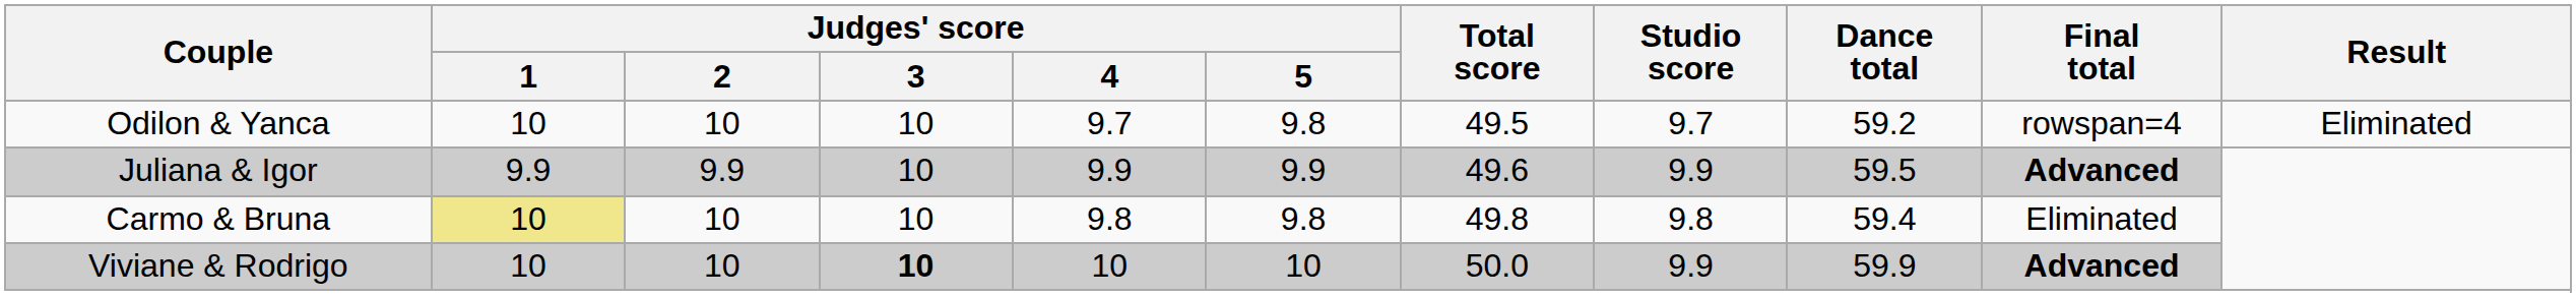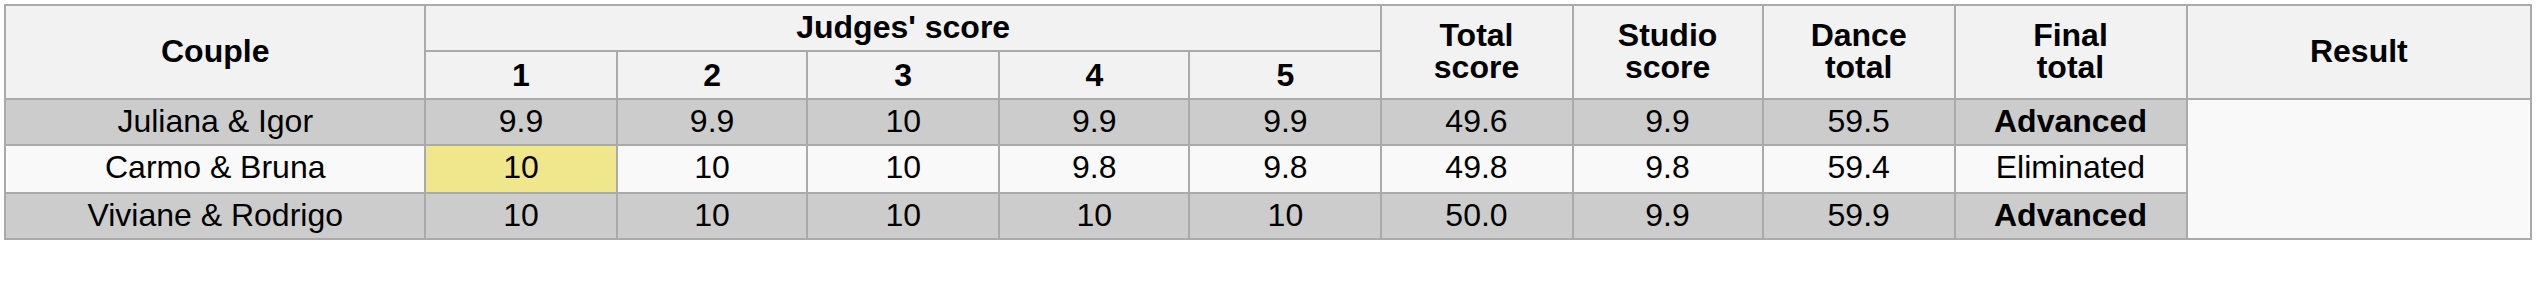 <table class="wikitable" style="font-size:100%; line-height:16px; text-align:center" width="100%">
 <tr>
 <th rowspan=2 width="11.0%">Couple</th>
 <th colspan=5 width="25.0%">Judges' score</th>
 <th rowspan=2 width="05.0%">Total<br>score</th>
 <th rowspan=2 width="05.0%">Studio<br>score</th>
 <th rowspan=2 width="05.0%">Dance<br>total</th>
 <th rowspan=2 width="05.0%">Final<br>total</th>
 <th rowspan=2 width="09.0%">Result</th>
 </tr>
 <tr>
 <th width="05.0%">1</th>
 <th width="05.0%">2</th>
 <th width="05.0%">3</th>
 <th width="05.0%">4</th>
 <th width="05.0%">5</th>
-</tr>
-<tr>
-<td>Odilon & Yanca</td>
-<td>10</td>
-<td>10</td>
-<td>10</td>
-<td>9.7</td>
-<td>9.8</td>
-<td>49.5</td>
-<td>9.7</td>
-<td>59.2</td>
-<td>rowspan=4 </td>
-<td>Eliminated</td>
 </tr>
 <tr bgcolor=CCCCCC>
 <td>Juliana & Igor</td>
 <td>9.9</td>
 <td>9.9</td>
 <td>10</td>
 <td>9.9</td>
 <td>9.9</td>
 <td>49.6</td>
 <td>9.9</td>
 <td>59.5</td>
 <td><strong>Advanced</strong></td>
 </tr>
 <tr>
 <td>Carmo & Bruna</td>
 <td style="background: khaki;">10</td>
 <td>10</td>
 <td>10</td>
 <td>9.8</td>
 <td>9.8</td>
 <td>49.8</td>
 <td>9.8</td>
 <td>59.4</td>
 <td>Eliminated</td>
 </tr>
 <tr bgcolor=CCCCCC>
 <td>Viviane & Rodrigo</td>
 <td>10</td>
 <td>10</td>
-<td><strong>10</strong></td>
+<td>10</td>
 <td>10</td>
 <td>10</td>
 <td>50.0</td>
 <td>9.9</td>
 <td>59.9</td>
 <td><strong>Advanced</strong></td>
 </tr>
 <tr>
 </tr>
 </table>
